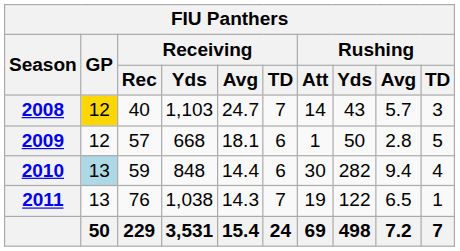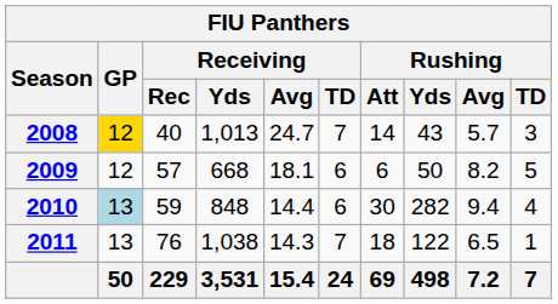 <table class="wikitable" style="text-align:center;">
 <tr>
 <th colspan="15">FIU Panthers</th>
 </tr>
 <tr>
 <th rowspan="2">Season</th>
 <th rowspan="2">GP</th>
 <th colspan="4">Receiving</th>
 <th colspan="4">Rushing</th>
 </tr>
 <tr>
 <th>Rec</th>
 <th>Yds</th>
 <th>Avg</th>
 <th>TD</th>
 <th>Att</th>
 <th>Yds</th>
 <th>Avg</th>
 <th>TD</th>
 </tr>
 <tr>
 <th><a href='#'>2008</a></th>
 <td style="background: gold;">12</td>
 <td>40</td>
-<td>1,103</td>
+<td>1,013</td>
 <td>24.7</td>
 <td>7</td>
 <td>14</td>
 <td>43</td>
 <td>5.7</td>
 <td>3</td>
 </tr>
 <tr>
 <th><a href='#'>2009</a></th>
 <td>12</td>
 <td>57</td>
 <td>668</td>
 <td>18.1</td>
 <td>6</td>
-<td>1</td>
+<td>6</td>
 <td>50</td>
-<td>2.8</td>
+<td>8.2</td>
 <td>5</td>
 </tr>
 <tr>
 <th><a href='#'>2010</a></th>
 <td style="background: lightblue;">13</td>
 <td>59</td>
 <td>848</td>
 <td>14.4</td>
 <td>6</td>
 <td>30</td>
 <td>282</td>
 <td>9.4</td>
 <td>4</td>
 </tr>
 <tr>
 <th><a href='#'>2011</a></th>
 <td>13</td>
 <td>76</td>
 <td>1,038</td>
 <td>14.3</td>
 <td>7</td>
-<td>19</td>
+<td>18</td>
 <td>122</td>
 <td>6.5</td>
 <td>1</td>
 </tr>
 <tr>
 <th></th>
 <th>50</th>
 <th>229</th>
 <th>3,531</th>
 <th>15.4</th>
 <th>24</th>
 <th>69</th>
 <th>498</th>
 <th>7.2</th>
 <th>7</th>
 </tr>
 </table>
